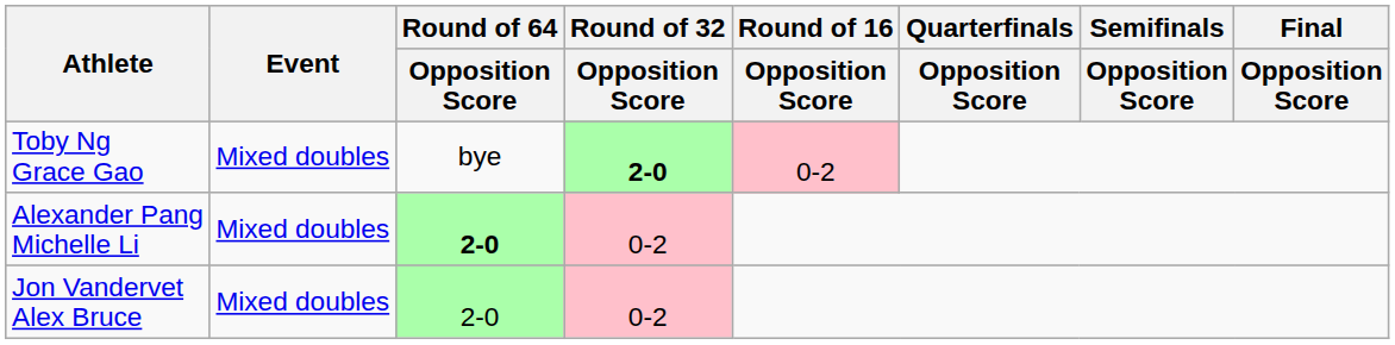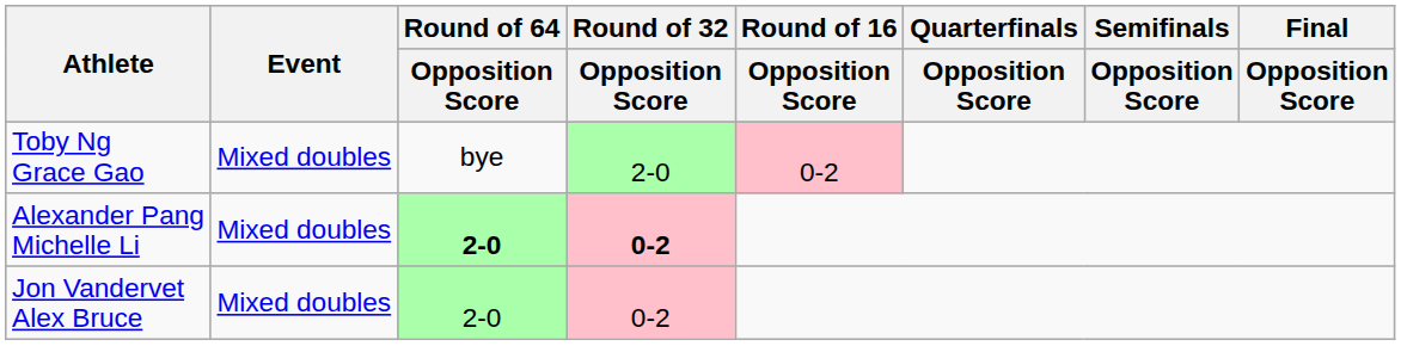 <table class=wikitable style="font-size:90%">
 <tr>
 <th rowspan="2">Athlete</th>
 <th rowspan="2">Event</th>
 <th>Round of 64</th>
 <th>Round of 32</th>
 <th>Round of 16</th>
 <th>Quarterfinals</th>
 <th>Semifinals</th>
 <th>Final</th>
 </tr>
 <tr>
 <th>Opposition<br>Score</th>
 <th>Opposition<br>Score</th>
 <th>Opposition<br>Score</th>
 <th>Opposition<br>Score</th>
 <th>Opposition<br>Score</th>
 <th>Opposition<br>Score</th>
 </tr>
 <tr>
 <td><a href='#'>Toby Ng</a> <br> <a href='#'>Grace Gao</a></td>
 <td><a href='#'>Mixed doubles</a></td>
 <td align=center>bye</td>
-<td style="text-align:center;background:#afa;"><strong><br>2-0</strong></td>
+<td style="text-align:center;background:#afa;"><br>2-0</td>
 <td style="text-align:center;background:pink;"><br>0-2</td>
 <td colspan=3></td>
 </tr>
 <tr>
 <td><a href='#'>Alexander Pang</a> <br> <a href='#'>Michelle Li</a></td>
 <td><a href='#'>Mixed doubles</a></td>
 <td style="text-align:center;background:#afa;"><strong><br>2-0</strong></td>
-<td style="text-align:center;background:pink;"><br>0-2</td>
+<td style="text-align:center;background:pink;"><strong><br>0-2</strong></td>
 <td colspan=4></td>
 </tr>
 <tr>
 <td><a href='#'>Jon Vandervet</a> <br> <a href='#'>Alex Bruce</a></td>
 <td><a href='#'>Mixed doubles</a></td>
 <td style="text-align:center;background:#afa;"><br>2-0</td>
 <td style="text-align:center;background:pink;"><br>0-2</td>
 <td colspan=4></td>
 </tr>
 </table>
